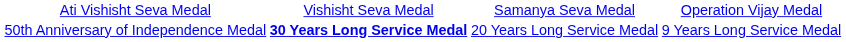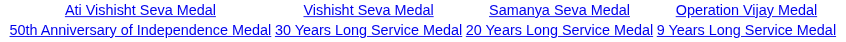 <table style="margin-left: auto; margin-right: auto; border: none;">
 <tr>
 <td style="text-align: center;"><a href='#'>Ati Vishisht Seva Medal</a></td>
 <td style="text-align: center;"><a href='#'>Vishisht Seva Medal</a></td>
 <td style="text-align: center;"><a href='#'>Samanya Seva Medal</a></td>
 <td style="text-align: center;"><a href='#'>Operation Vijay Medal</a></td>
 </tr>
 <tr>
 <td style="text-align: center;"><a href='#'>50th Anniversary of Independence Medal</a></td>
-<td style="text-align: center;"><strong><a href='#'>30 Years Long Service Medal</a></strong></td>
+<td style="text-align: center;"><a href='#'>30 Years Long Service Medal</a></td>
 <td style="text-align: center;"><a href='#'>20 Years Long Service Medal</a></td>
 <td style="text-align: center;"><a href='#'>9 Years Long Service Medal</a></td>
 </tr>
 <tr>
 </tr>
 </table>
